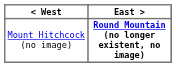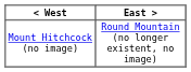 <table border="1" cellpadding="2" cellspacing="0">
 <tr>
 <th>< West</th>
 <th>East ></th>
 </tr>
 <tr>
 <td align="center" width="120pt"><a href='#'>Mount Hitchcock</a><br>(no image)</td>
-<td align="center" width="120pt"><strong><a href='#'>Round Mountain</a><br>(no longer existent, no image)</strong></td>
+<td align="center" width="120pt"><a href='#'>Round Mountain</a><br>(no longer existent, no image)</td>
 </tr>
 <tr>
 </tr>
 </table>
